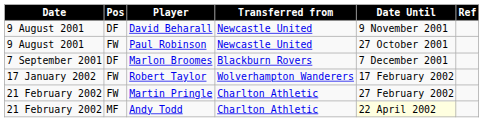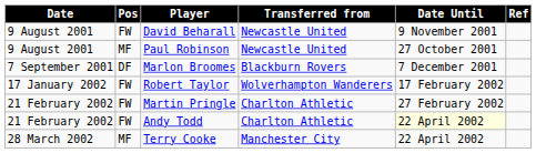 <table class="wikitable plainrowheaders sortable">
 <tr>
 <th style="background:#000000; color:#FFFFFF; ">Date</th>
 <th style="background:#000000; color:#FFFFff; ">Pos</th>
 <th style="background:#000000; color:#FFFFff; ">Player</th>
 <th style="background:#000000; color:#FFFFff; ">Transferred from</th>
 <th style="background:#000000; color:#FFFFff; ">Date Until</th>
 <th style="background:#000000; color:#FFFFff; ">Ref</th>
 </tr>
 <tr>
 <td>9 August 2001</td>
-<td>DF</td>
+<td>FW</td>
 <td> <a href='#'>David Beharall</a></td>
 <td> <a href='#'>Newcastle United</a></td>
 <td>9 November 2001</td>
 <td></td>
 </tr>
 <tr>
 <td>9 August 2001</td>
-<td>FW</td>
+<td>MF</td>
 <td> <a href='#'>Paul Robinson</a></td>
 <td> <a href='#'>Newcastle United</a></td>
 <td>27 October 2001</td>
 <td></td>
 </tr>
 <tr>
 <td>7 September 2001</td>
 <td>DF</td>
 <td> <a href='#'>Marlon Broomes</a></td>
 <td> <a href='#'>Blackburn Rovers</a></td>
 <td>7 December 2001</td>
 <td></td>
 </tr>
 <tr>
 <td>17 January 2002</td>
 <td>FW</td>
 <td> <a href='#'>Robert Taylor</a></td>
 <td> <a href='#'>Wolverhampton Wanderers</a></td>
 <td>17 February 2002</td>
 <td></td>
 </tr>
 <tr>
 <td>21 February 2002</td>
 <td>FW</td>
 <td> <a href='#'>Martin Pringle</a></td>
 <td> <a href='#'>Charlton Athletic</a></td>
 <td>27 February 2002</td>
 <td></td>
 </tr>
 <tr>
 <td>21 February 2002</td>
-<td>MF</td>
+<td>FW</td>
 <td> <a href='#'>Andy Todd</a></td>
 <td> <a href='#'>Charlton Athletic</a></td>
 <td style="background: lightyellow;">22 April 2002</td>
 <td></td>
 </tr>
+<tr>
+<td>28 March 2002</td>
+<td>MF</td>
+<td> <a href='#'>Terry Cooke</a></td>
+<td> <a href='#'>Manchester City</a></td>
+<td>22 April 2002</td>
+<td></td>
+</tr>
 </table>
